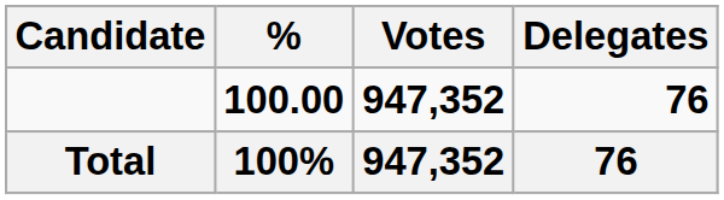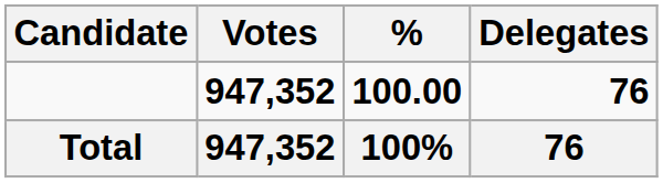 <table class="wikitable sortable" style="text-align:right;">
 <tr>
 <th>Candidate</th>
+<th>Votes</th>
 <th>%</th>
-<th>Votes</th>
 <th>Delegates</th>
 </tr>
 <tr>
 <td><strong></strong></td>
+<td><strong>947,352</strong></td>
 <td><strong>100.00</strong></td>
-<td><strong>947,352</strong></td>
 <td><strong>76</strong></td>
 </tr>
 <tr style="background-color:#F6F6F6">
 <th>Total</th>
+<th>947,352</th>
 <th>100%</th>
-<th>947,352</th>
 <th>76</th>
 </tr>
 </table>
